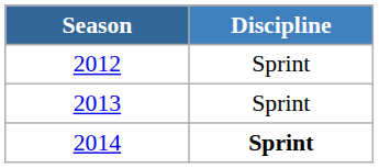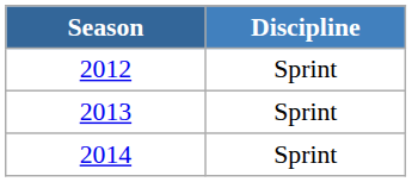 <table class="wikitable" style="font-size:95%; text-align:center; border:grey solid 1px; border-collapse:collapse; background:#ffffff;">
 <tr style="background-color:#369; color:white;">
 <td rowspan="2" colspan="1" style="width:110px"><strong>Season</strong></td>
 </tr>
 <tr style="background-color:#4180be; color:white;">
 <td style="width:110px"><strong>Discipline</strong></td>
 </tr>
 <tr>
 <td align=center><a href='#'>2012</a></td>
 <td align=center>Sprint</td>
 </tr>
 <tr>
 <td align=center><a href='#'>2013</a></td>
 <td align=center>Sprint</td>
 </tr>
 <tr>
 <td align=center><a href='#'>2014</a></td>
-<td align=center><strong>Sprint</strong></td>
+<td align=center>Sprint</td>
 </tr>
 </table>
